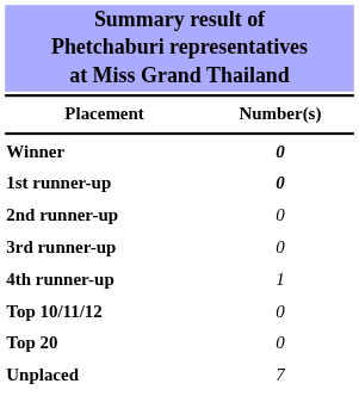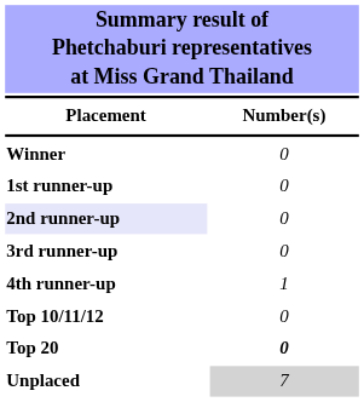 <table style="width: 270px; font-size:85%; line-height:1.5em;">
 <tr>
 <th colspan="2" align="center" style="background:#AAF;"><big>Summary result of<br>Phetchaburi representatives<br>at Miss Grand Thailand</big></th>
 </tr>
 <tr>
 <td colspan="2" style="background:black"></td>
 </tr>
 <tr>
 <th scope="col">Placement</th>
 <th scope="col">Number(s)</th>
 </tr>
 <tr>
 <td colspan="2" style="background:black"></td>
 </tr>
 <tr>
 <td align="left"><strong>Winner</strong></td>
-<td align="center"><strong><em>0</em></strong></td>
+<td align="center"><em>0</em></td>
 </tr>
 <tr>
 <td align="left"><strong>1st runner-up</strong></td>
-<td align="center"><strong><em>0</em></strong></td>
+<td align="center"><em>0</em></td>
 </tr>
 <tr>
-<td align="left"><strong>2nd runner-up</strong></td>
+<td align="left" style="background: lavender;"><strong>2nd runner-up</strong></td>
 <td align="center"><em>0</em></td>
 </tr>
 <tr>
 <td align="left"><strong>3rd runner-up</strong></td>
 <td align="center"><em>0</em></td>
 </tr>
 <tr>
 <td align="left"><strong>4th runner-up</strong></td>
 <td align="center"><em>1</em></td>
 </tr>
 <tr>
 <td align="left"><strong>Top 10/11/12</strong></td>
 <td align="center"><em>0</em></td>
 </tr>
 <tr>
 <td align="left"><strong>Top 20</strong></td>
-<td align="center"><em>0</em></td>
+<td align="center"><strong><em>0</em></strong></td>
 </tr>
 <tr>
 <td align="left"><strong>Unplaced</strong></td>
-<td align="center"><em>7</em></td>
+<td align="center" style="background: lightgrey;"><em>7</em></td>
 </tr>
 </table>
